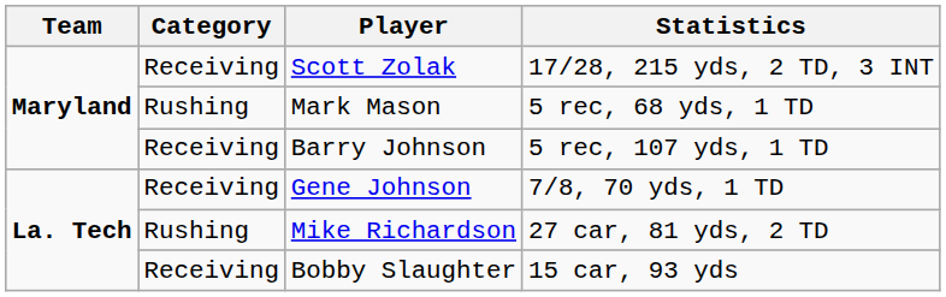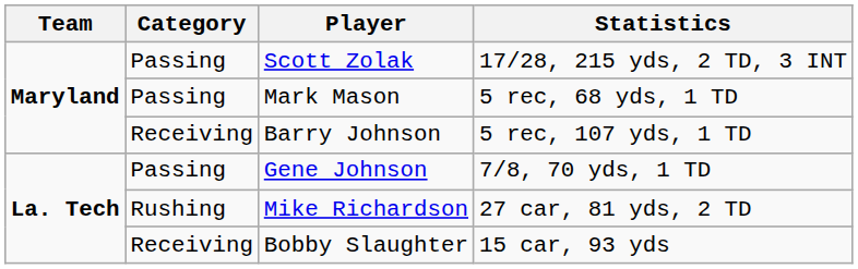 <table class="wikitable">
 <tr>
 <th>Team</th>
 <th>Category</th>
 <th>Player</th>
 <th>Statistics</th>
 </tr>
 <tr>
 <td rowspan=3><strong>Maryland</strong></td>
-<td>Receiving</td>
+<td>Passing</td>
 <td><a href='#'>Scott Zolak</a></td>
 <td>17/28, 215 yds, 2 TD, 3 INT</td>
 </tr>
 <tr>
-<td>Rushing</td>
+<td>Passing</td>
 <td>Mark Mason</td>
 <td>5 rec, 68 yds, 1 TD</td>
 </tr>
 <tr>
 <td>Receiving</td>
 <td>Barry Johnson</td>
 <td>5 rec, 107 yds, 1 TD</td>
 </tr>
 <tr>
 <td rowspan=3><strong>La. Tech</strong></td>
-<td>Receiving</td>
+<td>Passing</td>
 <td><a href='#'>Gene Johnson</a></td>
 <td>7/8, 70 yds, 1 TD</td>
 </tr>
 <tr>
 <td>Rushing</td>
 <td><a href='#'>Mike Richardson</a></td>
 <td>27 car, 81 yds, 2 TD</td>
 </tr>
 <tr>
 <td>Receiving</td>
 <td>Bobby Slaughter</td>
 <td>15 car, 93 yds</td>
 </tr>
 </table>
